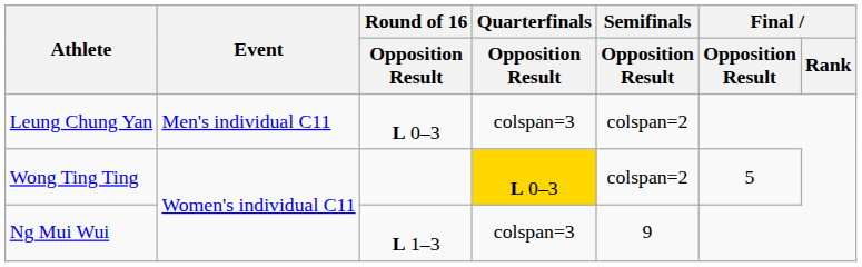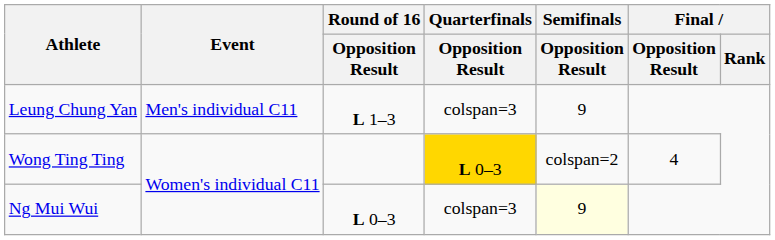 <table class=wikitable style="font-size:90%">
 <tr style="text-align:center">
 <th rowspan="2">Athlete</th>
 <th rowspan="2">Event</th>
 <th>Round of 16</th>
 <th>Quarterfinals</th>
 <th>Semifinals</th>
 <th colspan="2">Final / </th>
 </tr>
 <tr>
 <th>Opposition<br>Result</th>
 <th>Opposition<br>Result</th>
 <th>Opposition<br>Result</th>
 <th>Opposition<br>Result</th>
 <th>Rank</th>
 </tr>
 <tr style="text-align:center">
 <td style="text-align:left"><a href='#'>Leung Chung Yan</a></td>
 <td style="text-align:left"><a href='#'>Men's individual C11</a></td>
-<td><br><strong>L</strong> 0–3</td>
+<td><br><strong>L</strong> 1–3</td>
 <td>colspan=3 </td>
-<td>colspan=2 </td>
+<td>9</td>
 </tr>
 <tr style="text-align:center">
 <td style="text-align:left"><a href='#'>Wong Ting Ting</a></td>
 <td style="text-align:left" rowspan=2><a href='#'>Women's individual C11</a></td>
 <td></td>
 <td style="background: gold;"><br><strong>L</strong> 0–3</td>
 <td>colspan=2 </td>
-<td>5</td>
+<td>4</td>
 </tr>
 <tr style="text-align:center">
 <td style="text-align:left"><a href='#'>Ng Mui Wui</a></td>
-<td><br><strong>L</strong> 1–3</td>
+<td><br><strong>L</strong> 0–3</td>
 <td>colspan=3 </td>
-<td>9</td>
+<td style="background: lightyellow;">9</td>
 </tr>
 </table>
